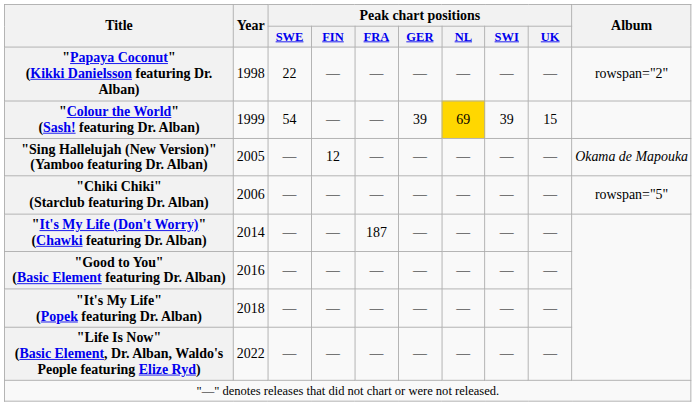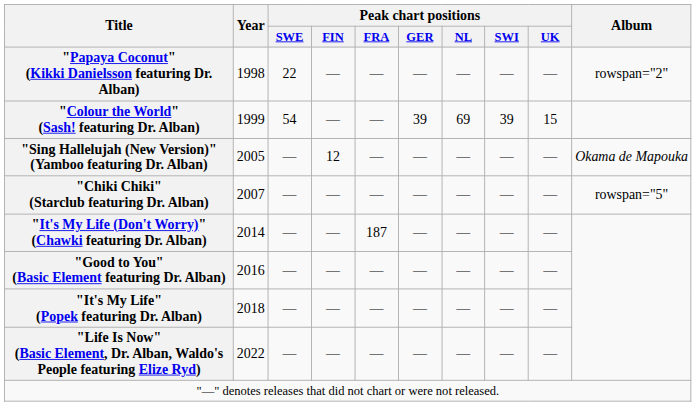 <table class="wikitable plainrowheaders" style="text-align:center;">
 <tr>
 <th scope="col" rowspan="2" style="width:16em;">Title</th>
 <th scope="col" rowspan="2">Year</th>
 <th scope="col" colspan="7">Peak chart positions</th>
 <th scope="col" rowspan="2">Album</th>
 </tr>
 <tr>
 <th style="width:3em;font-size:90%"><a href='#'>SWE</a><br></th>
 <th style="width:3em;font-size:90%"><a href='#'>FIN</a><br></th>
 <th style="width:3em;font-size:90%"><a href='#'>FRA</a><br></th>
 <th style="width:3em;font-size:90%"><a href='#'>GER</a><br></th>
 <th style="width:3em;font-size:90%"><a href='#'>NL</a><br></th>
 <th style="width:3em;font-size:90%"><a href='#'>SWI</a><br></th>
 <th style="width:3em;font-size:90%"><a href='#'>UK</a><br></th>
 </tr>
 <tr>
 <th scope="row">"<a href='#'>Papaya Coconut</a>" <br><span>(<a href='#'>Kikki Danielsson</a> featuring Dr. Alban)</span></th>
 <td>1998</td>
 <td>22</td>
 <td>—</td>
 <td>—</td>
 <td>—</td>
 <td>—</td>
 <td>—</td>
 <td>—</td>
 <td>rowspan="2" </td>
 </tr>
 <tr>
 <th scope="row">"<a href='#'>Colour the World</a>"<br><span>(<a href='#'>Sash!</a> featuring Dr. Alban)</span></th>
 <td>1999</td>
 <td>54</td>
 <td>—</td>
 <td>—</td>
 <td>39</td>
-<td style="background: gold;">69</td>
+<td>69</td>
 <td>39</td>
 <td>15</td>
 </tr>
 <tr>
 <th scope="row">"Sing Hallelujah (New Version)"<br><span>(Yamboo featuring Dr. Alban)</span></th>
 <td>2005</td>
 <td>—</td>
 <td>12</td>
 <td>—</td>
 <td>—</td>
 <td>—</td>
 <td>—</td>
 <td>—</td>
 <td><em>Okama de Mapouka</em></td>
 </tr>
 <tr>
 <th scope="row">"Chiki Chiki"<br><span>(Starclub featuring Dr. Alban)</span></th>
-<td>2006</td>
+<td>2007</td>
 <td>—</td>
 <td>—</td>
 <td>—</td>
 <td>—</td>
 <td>—</td>
 <td>—</td>
 <td>—</td>
 <td>rowspan="5" </td>
 </tr>
 <tr>
 <th scope="row">"<a href='#'>It's My Life (Don't Worry)</a>"<br><span>(<a href='#'>Chawki</a> featuring Dr. Alban)</span></th>
 <td>2014</td>
 <td>—</td>
 <td>—</td>
 <td>187</td>
 <td>—</td>
 <td>—</td>
 <td>—</td>
 <td>—</td>
 </tr>
 <tr>
 <th scope="row">"Good to You"<br><span>(<a href='#'>Basic Element</a> featuring Dr. Alban)</span></th>
 <td>2016</td>
 <td>—</td>
 <td>—</td>
 <td>—</td>
 <td>—</td>
 <td>—</td>
 <td>—</td>
 <td>—</td>
 </tr>
 <tr>
 <th scope="row">"It's My Life"<br><span>(<a href='#'>Popek</a> featuring Dr. Alban)</span></th>
 <td>2018</td>
 <td>—</td>
 <td>—</td>
 <td>—</td>
 <td>—</td>
 <td>—</td>
 <td>—</td>
 <td>—</td>
 </tr>
 <tr>
 <th scope="row">"Life Is Now"<br><span>(<a href='#'>Basic Element</a>, Dr. Alban, Waldo's People featuring <a href='#'>Elize Ryd</a>)</span></th>
 <td>2022</td>
 <td>—</td>
 <td>—</td>
 <td>—</td>
 <td>—</td>
 <td>—</td>
 <td>—</td>
 <td>—</td>
 </tr>
 <tr>
 <td align="center" colspan="14" style="font-size:90%">"—" denotes releases that did not chart or were not released.</td>
 </tr>
 </table>
